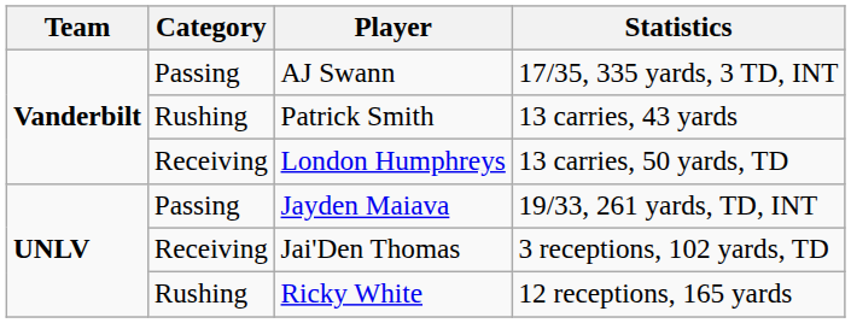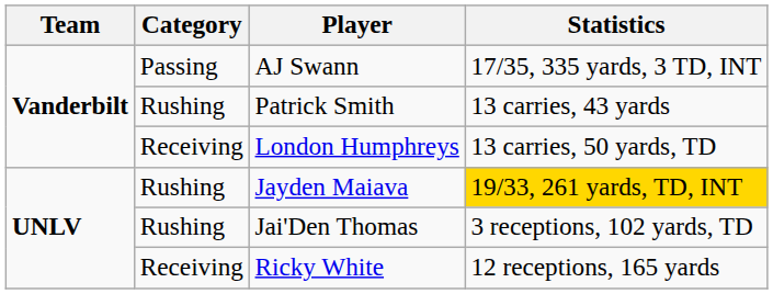 <table class="wikitable" style="float: right;">
 <tr>
 <th>Team</th>
 <th>Category</th>
 <th>Player</th>
 <th>Statistics</th>
 </tr>
 <tr>
 <td rowspan=3><strong>Vanderbilt</strong></td>
 <td>Passing</td>
 <td>AJ Swann</td>
 <td>17/35, 335 yards, 3 TD, INT</td>
 </tr>
 <tr>
 <td>Rushing</td>
 <td>Patrick Smith</td>
 <td>13 carries, 43 yards</td>
 </tr>
 <tr>
 <td>Receiving</td>
 <td><a href='#'>London Humphreys</a></td>
 <td>13 carries, 50 yards, TD</td>
 </tr>
 <tr>
 <td rowspan=3><strong>UNLV</strong></td>
-<td>Passing</td>
+<td>Rushing</td>
 <td><a href='#'>Jayden Maiava</a></td>
-<td>19/33, 261 yards, TD, INT</td>
+<td style="background: gold;">19/33, 261 yards, TD, INT</td>
 </tr>
 <tr>
-<td>Receiving</td>
+<td>Rushing</td>
 <td>Jai'Den Thomas</td>
 <td>3 receptions, 102 yards, TD</td>
 </tr>
 <tr>
-<td>Rushing</td>
+<td>Receiving</td>
 <td><a href='#'>Ricky White</a></td>
 <td>12 receptions, 165 yards</td>
 </tr>
 </table>
